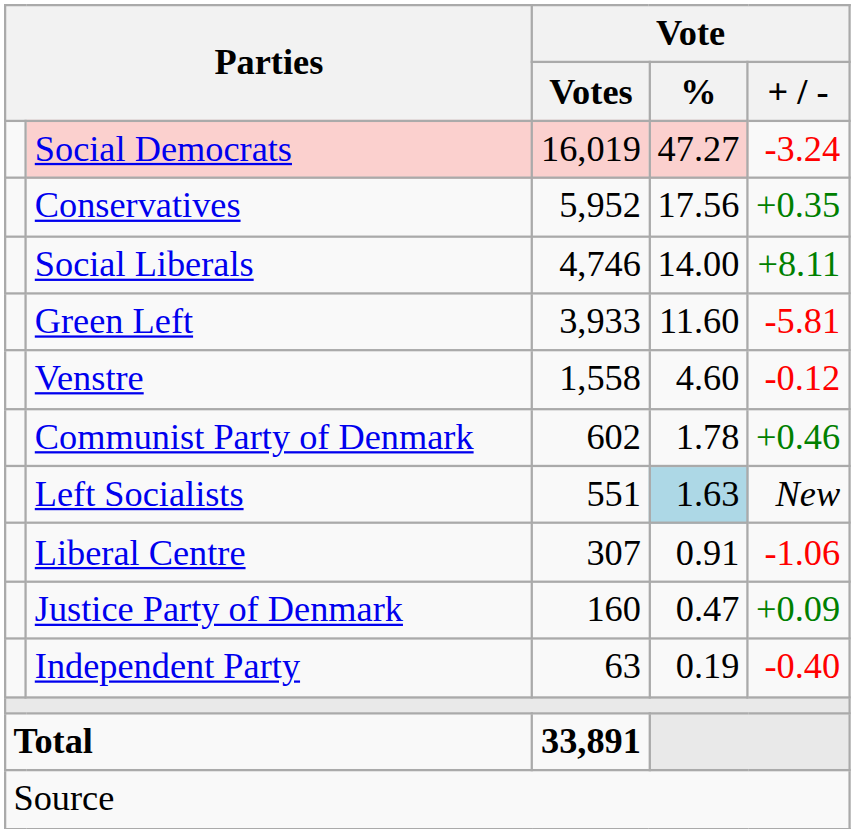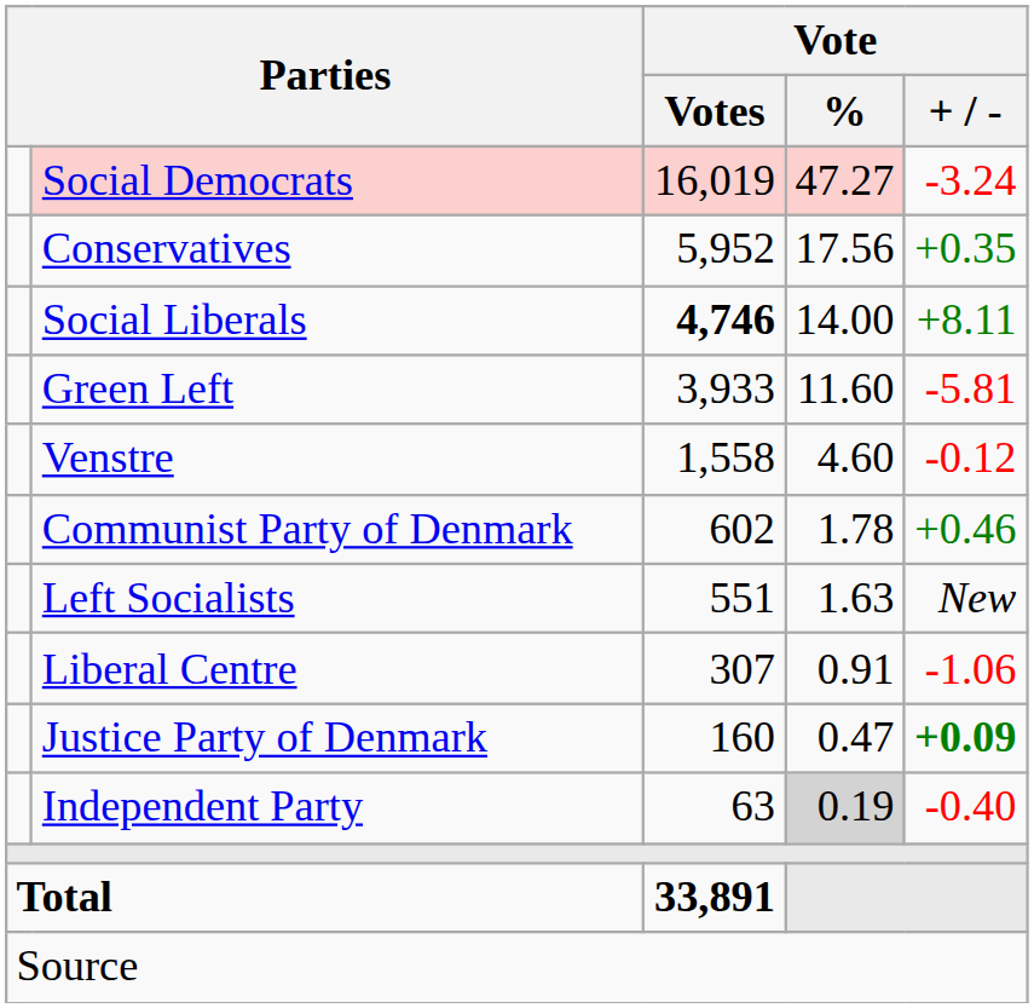 <table class="wikitable" style="text-align:right;">
 <tr>
 <th style="text-align:centre;" rowspan="2" colspan="2" width="225">Parties</th>
 <th colspan="3">Vote</th>
 </tr>
 <tr>
 <th width="15">Votes</th>
 <th width="15">%</th>
 <th width="15">+ / -</th>
 </tr>
 <tr>
 <td width="2" style="color:inherit;background:"></td>
 <td bgcolor=#fbd0ce  align="left"><a href='#'>Social Democrats</a></td>
 <td bgcolor=#fbd0ce>16,019</td>
 <td bgcolor="#fbd0ce">47.27</td>
 <td style="color:red;">-3.24</td>
 </tr>
 <tr>
 <td width="2" style="color:inherit;background:"></td>
 <td align="left"><a href='#'>Conservatives</a></td>
 <td>5,952</td>
 <td>17.56</td>
 <td style="color:green;">+0.35</td>
 </tr>
 <tr>
 <td width="2" style="color:inherit;background:"></td>
 <td align="left"><a href='#'>Social Liberals</a></td>
-<td>4,746</td>
+<td><strong>4,746</strong></td>
 <td>14.00</td>
 <td style="color:green;">+8.11</td>
 </tr>
 <tr>
 <td width="2"></td>
 <td align="left"><a href='#'>Green Left</a></td>
 <td>3,933</td>
 <td>11.60</td>
 <td style="color:red;">-5.81</td>
 </tr>
 <tr>
 <td width="2" style="color:inherit;background:"></td>
 <td align="left"><a href='#'>Venstre</a></td>
 <td>1,558</td>
 <td>4.60</td>
 <td style="color:red;">-0.12</td>
 </tr>
 <tr>
 <td width="2" style="color:inherit;background:"></td>
 <td align="left"><a href='#'>Communist Party of Denmark</a></td>
 <td>602</td>
 <td>1.78</td>
 <td style="color:green;">+0.46</td>
 </tr>
 <tr>
 <td width="2"></td>
 <td align="left"><a href='#'>Left Socialists</a></td>
 <td>551</td>
-<td style="background: lightblue;">1.63</td>
+<td>1.63</td>
 <td><em>New</em></td>
 </tr>
 <tr>
 <td width="2" style="color:inherit;background:"></td>
 <td align="left"><a href='#'>Liberal Centre</a></td>
 <td>307</td>
 <td>0.91</td>
 <td style="color:red;">-1.06</td>
 </tr>
 <tr>
 <td width="2" style="color:inherit;background:"></td>
 <td align="left"><a href='#'>Justice Party of Denmark</a></td>
 <td>160</td>
 <td>0.47</td>
-<td style=color:green;>+0.09</td>
+<td style=color:green;><strong>+0.09</strong></td>
 </tr>
 <tr>
 <td width="2" style="color:inherit;background:"></td>
 <td align="left"><a href='#'>Independent Party</a></td>
 <td>63</td>
-<td>0.19</td>
+<td style="background: lightgrey;">0.19</td>
 <td style="color:red;">-0.40</td>
 </tr>
 <tr>
 <td colspan="7" bgcolor="#E9E9E9"></td>
 </tr>
 <tr>
 <td align="left" colspan="2"><strong>Total</strong></td>
 <td><strong>33,891</strong></td>
 <td bgcolor="#E9E9E9" colspan="2"></td>
 </tr>
 <tr>
 <td align="left" colspan="6">Source</td>
 </tr>
 </table>
